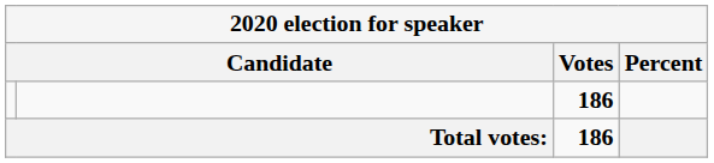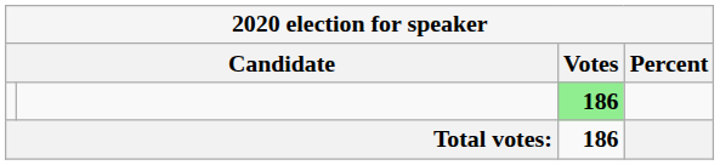 <table class="wikitable">
 <tr>
 <th colspan=4 style="background:#f5f5f5">2020 election for speaker</th>
 </tr>
 <tr>
 <th colspan=2>Candidate</th>
 <th>Votes</th>
 <th>Percent</th>
 </tr>
 <tr>
 <td style="background-color: "></td>
 <td style="width: 22em;"></td>
-<td style="text-align:right"><strong>186</strong></td>
+<td style="background: lightgreen; text-align:right"><strong>186</strong></td>
 <td style="text-align:right"><strong></strong></td>
 </tr>
 <tr>
 <th colspan=2 style="text-align:right">Total votes:</th>
 <td style="text-align:right"><strong>186</strong></td>
 <th></th>
 </tr>
 </table>
